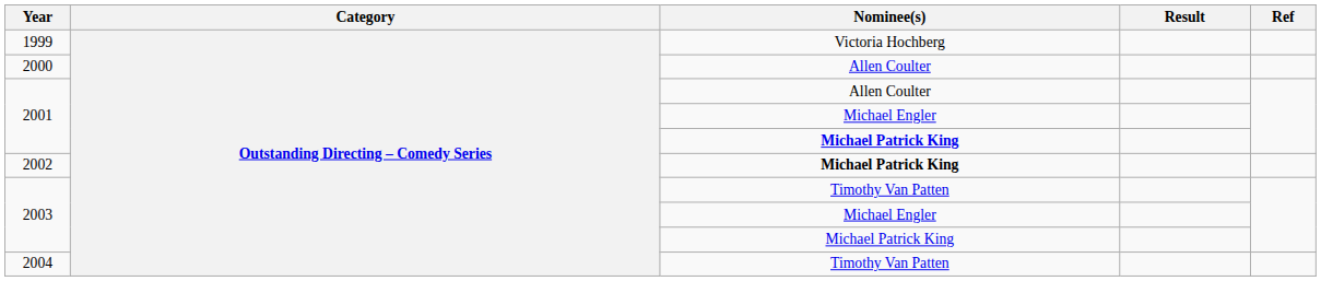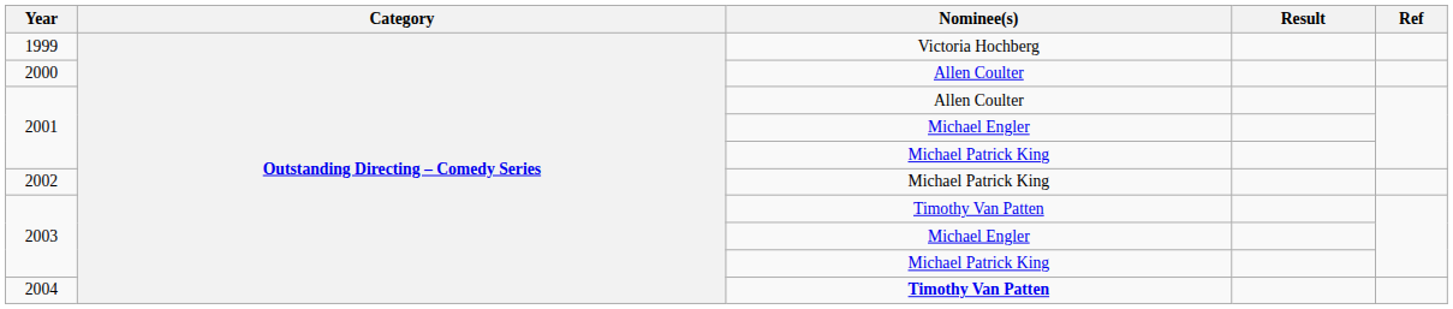 <table class="wikitable plainrowheaders" style="font-size: 90%; text-align:center" width=100%>
 <tr>
 <th scope="col" width="5%">Year</th>
 <th scope="col" width="45%">Category</th>
 <th scope="col" width="35%">Nominee(s)</th>
 <th scope="col" width="10%">Result</th>
 <th scope="col" width="5%">Ref</th>
 </tr>
 <tr>
 <td align=center>1999</td>
 <th scope="row" style="text-align:center" rowspan=10><a href='#'>Outstanding Directing – Comedy Series</a></th>
 <td>Victoria Hochberg<br></td>
 <td></td>
 <td></td>
 </tr>
 <tr>
 <td>2000</td>
 <td><a href='#'>Allen Coulter</a><br></td>
 <td></td>
 <td></td>
 </tr>
 <tr>
 <td rowspan=3>2001</td>
 <td>Allen Coulter<br></td>
 <td></td>
 <td rowspan=3></td>
 </tr>
 <tr>
 <td><a href='#'>Michael Engler</a><br></td>
 <td></td>
 </tr>
 <tr>
-<td><strong><a href='#'>Michael Patrick King</a><br></strong></td>
+<td><a href='#'>Michael Patrick King</a><br></td>
 <td></td>
 </tr>
 <tr>
 <td>2002</td>
-<td><strong>Michael Patrick King<br></strong></td>
+<td>Michael Patrick King<br></td>
 <td></td>
 <td></td>
 </tr>
 <tr>
 <td rowspan=3>2003</td>
 <td><a href='#'>Timothy Van Patten</a><br></td>
 <td></td>
 <td rowspan=3></td>
 </tr>
 <tr>
 <td><a href='#'>Michael Engler</a><br></td>
 <td></td>
 </tr>
 <tr>
 <td><a href='#'>Michael Patrick King</a><br></td>
 <td></td>
 </tr>
 <tr>
 <td>2004</td>
-<td><a href='#'>Timothy Van Patten</a><br></td>
+<td><strong><a href='#'>Timothy Van Patten</a><br></strong></td>
 <td></td>
 <td></td>
 </tr>
 </table>
